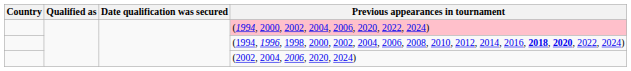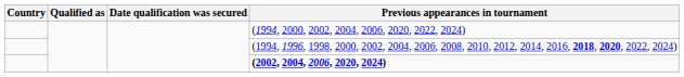 <table class="wikitable sortable">
 <tr>
 <th>Country</th>
 <th>Qualified as</th>
 <th>Date qualification was secured</th>
 <th>Previous appearances in tournament</th>
 </tr>
 <tr>
 <td></td>
 <td rowspan=3></td>
 <td rowspan=3></td>
-<td style="background: pink;"> (<em><a href='#'>1994</a></em>, <a href='#'>2000</a>, <a href='#'>2002</a>, <a href='#'>2004</a>, <a href='#'>2006</a>, <a href='#'>2020</a>, <a href='#'>2022</a>, <a href='#'>2024</a>)</td>
+<td> (<em><a href='#'>1994</a></em>, <a href='#'>2000</a>, <a href='#'>2002</a>, <a href='#'>2004</a>, <a href='#'>2006</a>, <a href='#'>2020</a>, <a href='#'>2022</a>, <a href='#'>2024</a>)</td>
 </tr>
 <tr>
 <td></td>
 <td> (<a href='#'>1994</a>, <a href='#'><em>1996</em></a>, <a href='#'>1998</a>, <a href='#'>2000</a>, <a href='#'>2002</a>, <a href='#'>2004</a>, <a href='#'>2006</a>, <a href='#'>2008</a>, <a href='#'>2010</a>, <a href='#'>2012</a>, <a href='#'>2014</a>, <a href='#'>2016</a>, <strong><a href='#'>2018</a></strong>, <strong><a href='#'>2020</a></strong>, <a href='#'>2022</a>, <a href='#'>2024</a>)</td>
 </tr>
 <tr>
 <td></td>
-<td> (<a href='#'>2002</a>, <a href='#'>2004</a>, <em><a href='#'>2006</a></em>, <a href='#'>2020</a>, <a href='#'>2024</a>)</td>
+<td><strong> (<a href='#'>2002</a>, <a href='#'>2004</a>, <em><a href='#'>2006</a></em>, <a href='#'>2020</a>, <a href='#'>2024</a>)</strong></td>
 </tr>
 </table>
